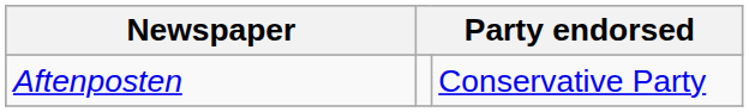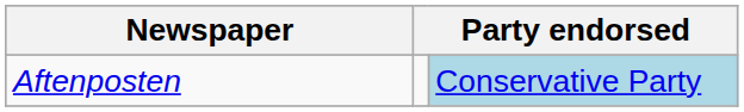 <table class="wikitable">
 <tr>
 <th width=200px>Newspaper</th>
 <th colspan=2>Party endorsed</th>
 </tr>
 <tr>
 <td><em><a href='#'>Aftenposten</a></em></td>
 <td style="background-color: "></td>
-<td width=150px><a href='#'>Conservative Party</a></td>
+<td width=150px style="background: lightblue;"><a href='#'>Conservative Party</a></td>
 </tr>
 </table>
